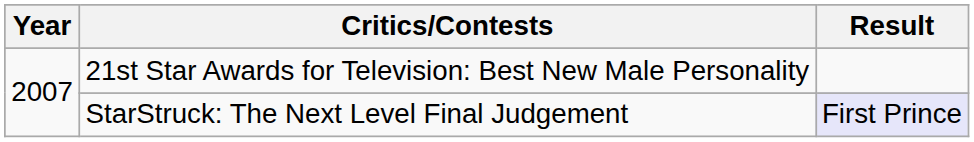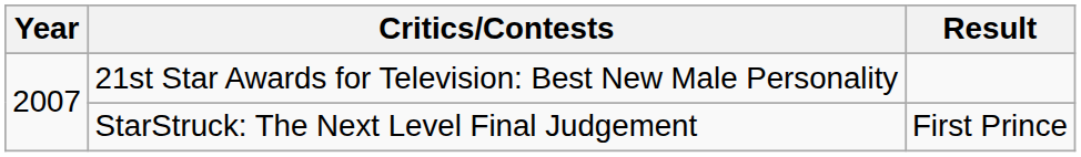 <table class="wikitable">
 <tr>
 <th>Year</th>
 <th>Critics/Contests</th>
 <th>Result</th>
 </tr>
 <tr>
 <td rowspan="2">2007</td>
 <td>21st Star Awards for Television: Best New Male Personality</td>
 <td></td>
 </tr>
 <tr>
 <td>StarStruck: The Next Level Final Judgement</td>
-<td style="background: lavender;">First Prince</td>
+<td>First Prince</td>
 </tr>
 </table>
